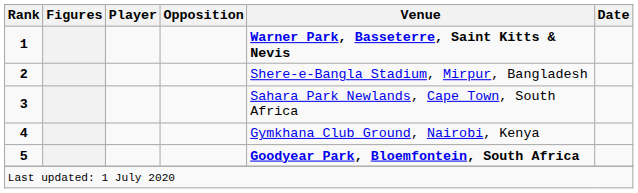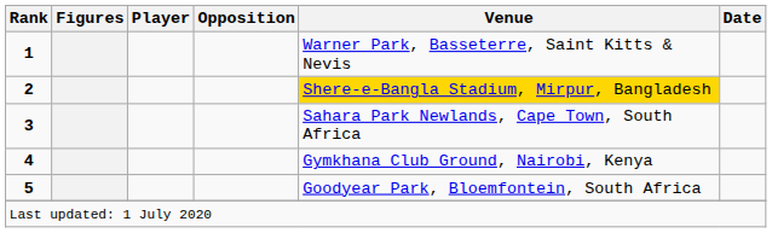 <table class="wikitable plainrowheaders sortable">
 <tr>
 <th scope=col>Rank</th>
 <th scope=col>Figures</th>
 <th scope=col>Player</th>
 <th scope=col>Opposition</th>
 <th scope=col>Venue</th>
 <th scope=col>Date</th>
 </tr>
 <tr>
 <td align=center><strong>1</strong></td>
 <th scope=row style=text-align:center;></th>
 <td></td>
 <td></td>
-<td><strong><a href='#'>Warner Park</a>, <a href='#'>Basseterre</a>, Saint Kitts & Nevis</strong></td>
+<td><a href='#'>Warner Park</a>, <a href='#'>Basseterre</a>, Saint Kitts & Nevis</td>
 <td></td>
 </tr>
 <tr>
 <td align=center><strong>2</strong></td>
 <th scope=row style=text-align:center;></th>
 <td></td>
 <td></td>
-<td><a href='#'>Shere-e-Bangla Stadium</a>, <a href='#'>Mirpur</a>, Bangladesh</td>
+<td style="background: gold;"><a href='#'>Shere-e-Bangla Stadium</a>, <a href='#'>Mirpur</a>, Bangladesh</td>
 <td></td>
 </tr>
 <tr>
 <td align=center><strong>3</strong></td>
 <th scope=row style=text-align:center;></th>
 <td></td>
 <td></td>
 <td><a href='#'>Sahara Park Newlands</a>, <a href='#'>Cape Town</a>, South Africa</td>
 <td></td>
 </tr>
 <tr>
 <td align=center><strong>4</strong></td>
 <th scope=row style=text-align:center;></th>
 <td></td>
 <td></td>
 <td><a href='#'>Gymkhana Club Ground</a>, <a href='#'>Nairobi</a>, Kenya</td>
 <td></td>
 </tr>
 <tr>
 <td align=center><strong>5</strong></td>
 <th scope=row style=text-align:center;></th>
 <td></td>
 <td></td>
-<td><strong><a href='#'>Goodyear Park</a>, <a href='#'>Bloemfontein</a>, South Africa</strong></td>
+<td><a href='#'>Goodyear Park</a>, <a href='#'>Bloemfontein</a>, South Africa</td>
 <td></td>
 </tr>
 <tr>
 </tr>
 <tr class=sortbottom>
 <td colspan=6><small>Last updated: 1 July 2020</small></td>
 </tr>
 </table>
